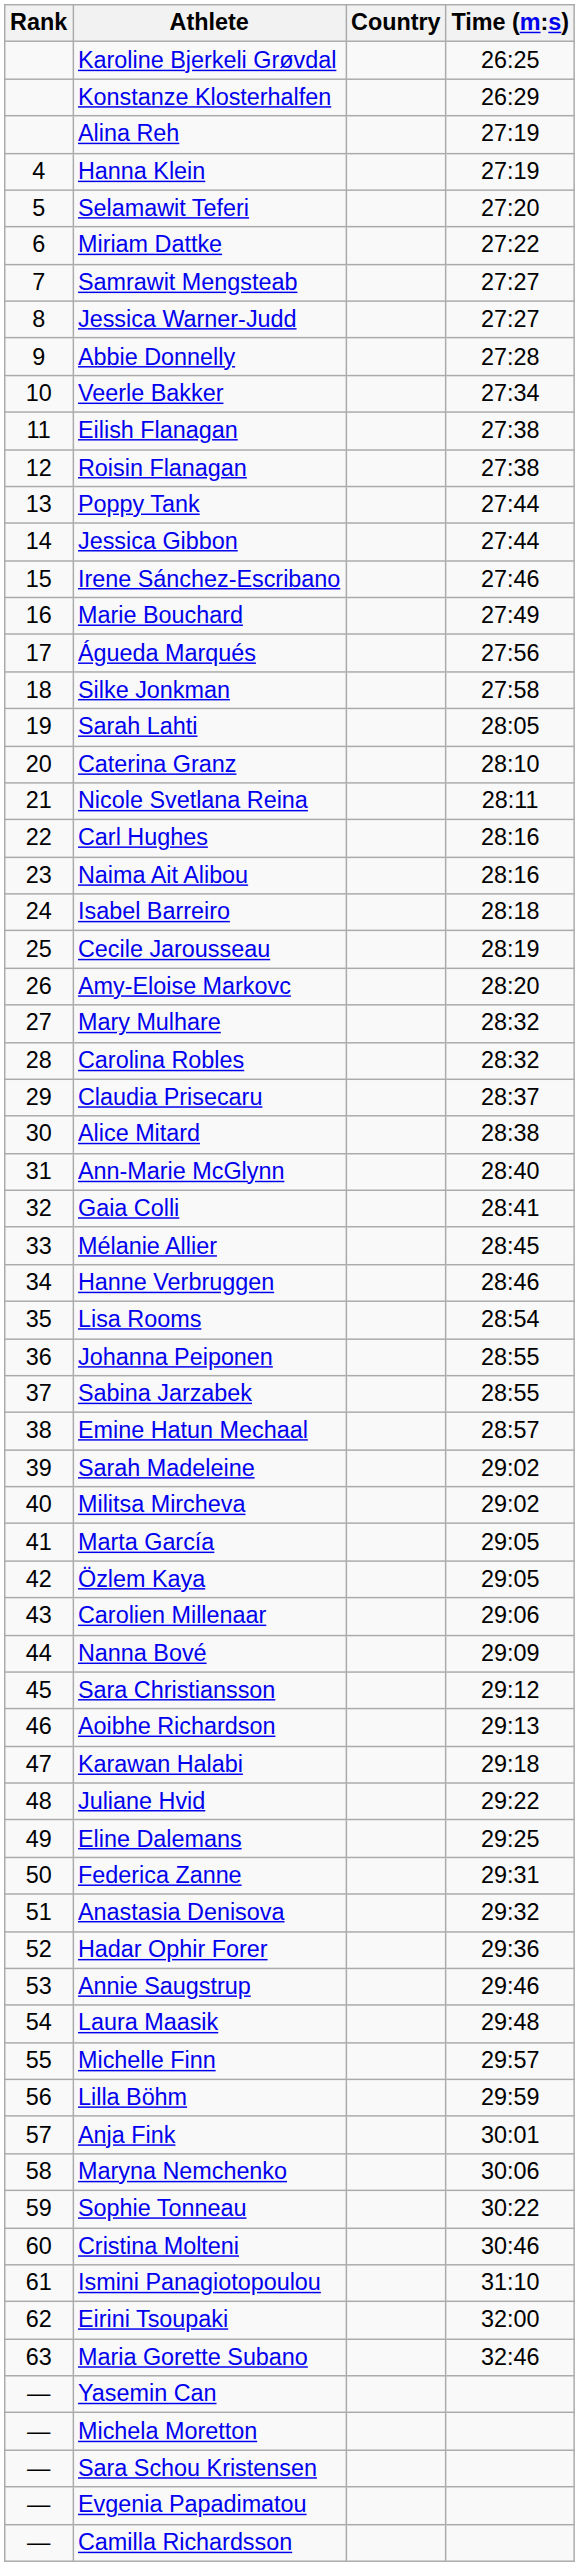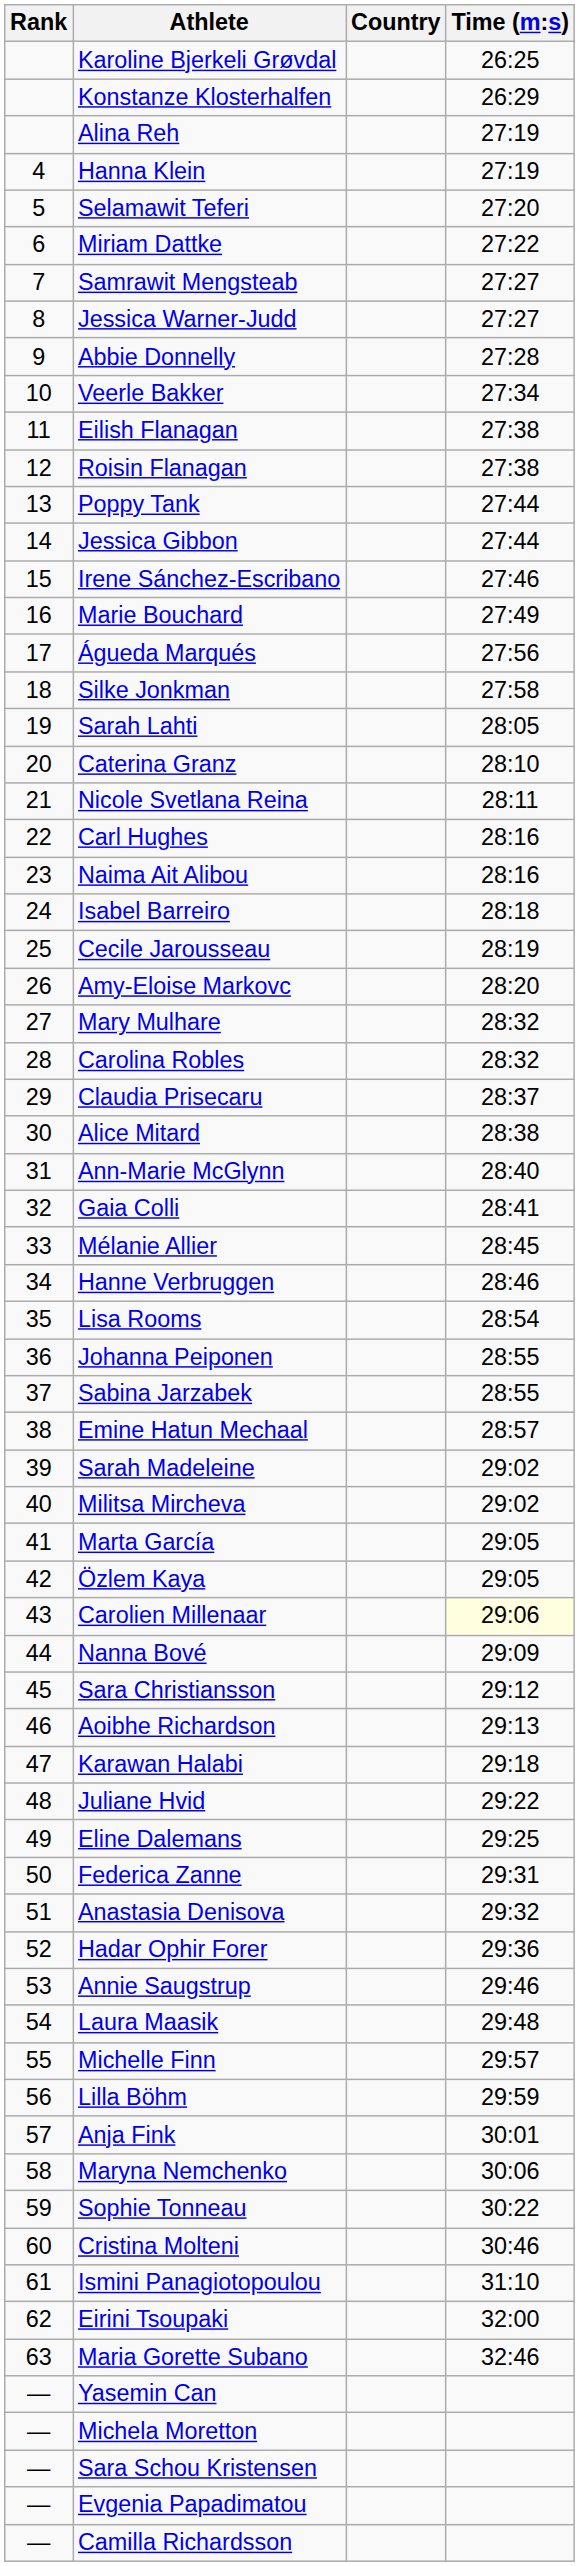 <table class="wikitable sortable" style="text-align:center">
 <tr>
 <th>Rank</th>
 <th>Athlete</th>
 <th>Country</th>
 <th>Time (<a href='#'>m</a>:<a href='#'>s</a>)</th>
 </tr>
 <tr>
 <td></td>
 <td align=left><a href='#'>Karoline Bjerkeli Grøvdal</a></td>
 <td align=left></td>
 <td>26:25</td>
 </tr>
 <tr>
 <td></td>
 <td align=left><a href='#'>Konstanze Klosterhalfen</a></td>
 <td align=left></td>
 <td>26:29</td>
 </tr>
 <tr>
 <td></td>
 <td align=left><a href='#'>Alina Reh</a></td>
 <td align=left></td>
 <td>27:19</td>
 </tr>
 <tr>
 <td>4</td>
 <td align=left><a href='#'>Hanna Klein</a></td>
 <td align=left></td>
 <td>27:19</td>
 </tr>
 <tr>
 <td>5</td>
 <td align=left><a href='#'>Selamawit Teferi</a></td>
 <td align=left></td>
 <td>27:20</td>
 </tr>
 <tr>
 <td>6</td>
 <td align=left><a href='#'>Miriam Dattke</a></td>
 <td align=left></td>
 <td>27:22</td>
 </tr>
 <tr>
 <td>7</td>
 <td align=left><a href='#'>Samrawit Mengsteab</a></td>
 <td align=left></td>
 <td>27:27</td>
 </tr>
 <tr>
 <td>8</td>
 <td align=left><a href='#'>Jessica Warner-Judd</a></td>
 <td align=left></td>
 <td>27:27</td>
 </tr>
 <tr>
 <td>9</td>
 <td align=left><a href='#'>Abbie Donnelly</a></td>
 <td align=left></td>
 <td>27:28</td>
 </tr>
 <tr>
 <td>10</td>
 <td align=left><a href='#'>Veerle Bakker</a></td>
 <td align=left></td>
 <td>27:34</td>
 </tr>
 <tr>
 <td>11</td>
 <td align=left><a href='#'>Eilish Flanagan</a></td>
 <td align=left></td>
 <td>27:38</td>
 </tr>
 <tr>
 <td>12</td>
 <td align=left><a href='#'>Roisin Flanagan</a></td>
 <td align=left></td>
 <td>27:38</td>
 </tr>
 <tr>
 <td>13</td>
 <td align=left><a href='#'>Poppy Tank</a></td>
 <td align=left></td>
 <td>27:44</td>
 </tr>
 <tr>
 <td>14</td>
 <td align=left><a href='#'>Jessica Gibbon</a></td>
 <td align=left></td>
 <td>27:44</td>
 </tr>
 <tr>
 <td>15</td>
 <td align=left><a href='#'>Irene Sánchez-Escribano</a></td>
 <td align=left></td>
 <td>27:46</td>
 </tr>
 <tr>
 <td>16</td>
 <td align=left><a href='#'>Marie Bouchard</a></td>
 <td align=left></td>
 <td>27:49</td>
 </tr>
 <tr>
 <td>17</td>
 <td align=left><a href='#'>Águeda Marqués</a></td>
 <td align=left></td>
 <td>27:56</td>
 </tr>
 <tr>
 <td>18</td>
 <td align=left><a href='#'>Silke Jonkman</a></td>
 <td align=left></td>
 <td>27:58</td>
 </tr>
 <tr>
 <td>19</td>
 <td align=left><a href='#'>Sarah Lahti</a></td>
 <td align=left></td>
 <td>28:05</td>
 </tr>
 <tr>
 <td>20</td>
 <td align=left><a href='#'>Caterina Granz</a></td>
 <td align=left></td>
 <td>28:10</td>
 </tr>
 <tr>
 <td>21</td>
 <td align=left><a href='#'>Nicole Svetlana Reina</a></td>
 <td align=left></td>
 <td>28:11</td>
 </tr>
 <tr>
 <td>22</td>
 <td align=left><a href='#'>Carl Hughes</a></td>
 <td align=left></td>
 <td>28:16</td>
 </tr>
 <tr>
 <td>23</td>
 <td align=left><a href='#'>Naima Ait Alibou</a></td>
 <td align=left></td>
 <td>28:16</td>
 </tr>
 <tr>
 <td>24</td>
 <td align=left><a href='#'>Isabel Barreiro</a></td>
 <td align=left></td>
 <td>28:18</td>
 </tr>
 <tr>
 <td>25</td>
 <td align=left><a href='#'>Cecile Jarousseau</a></td>
 <td align=left></td>
 <td>28:19</td>
 </tr>
 <tr>
 <td>26</td>
 <td align=left><a href='#'>Amy-Eloise Markovc</a></td>
 <td align=left></td>
 <td>28:20</td>
 </tr>
 <tr>
 <td>27</td>
 <td align=left><a href='#'>Mary Mulhare</a></td>
 <td align=left></td>
 <td>28:32</td>
 </tr>
 <tr>
 <td>28</td>
 <td align=left><a href='#'>Carolina Robles</a></td>
 <td align=left></td>
 <td>28:32</td>
 </tr>
 <tr>
 <td>29</td>
 <td align=left><a href='#'>Claudia Prisecaru</a></td>
 <td align=left></td>
 <td>28:37</td>
 </tr>
 <tr>
 <td>30</td>
 <td align=left><a href='#'>Alice Mitard</a></td>
 <td align=left></td>
 <td>28:38</td>
 </tr>
 <tr>
 <td>31</td>
 <td align=left><a href='#'>Ann-Marie McGlynn</a></td>
 <td align=left></td>
 <td>28:40</td>
 </tr>
 <tr>
 <td>32</td>
 <td align=left><a href='#'>Gaia Colli</a></td>
 <td align=left></td>
 <td>28:41</td>
 </tr>
 <tr>
 <td>33</td>
 <td align=left><a href='#'>Mélanie Allier</a></td>
 <td align=left></td>
 <td>28:45</td>
 </tr>
 <tr>
 <td>34</td>
 <td align=left><a href='#'>Hanne Verbruggen</a></td>
 <td align=left></td>
 <td>28:46</td>
 </tr>
 <tr>
 <td>35</td>
 <td align=left><a href='#'>Lisa Rooms</a></td>
 <td align=left></td>
 <td>28:54</td>
 </tr>
 <tr>
 <td>36</td>
 <td align=left><a href='#'>Johanna Peiponen</a></td>
 <td align=left></td>
 <td>28:55</td>
 </tr>
 <tr>
 <td>37</td>
 <td align=left><a href='#'>Sabina Jarzabek</a></td>
 <td align=left></td>
 <td>28:55</td>
 </tr>
 <tr>
 <td>38</td>
 <td align=left><a href='#'>Emine Hatun Mechaal</a></td>
 <td align=left></td>
 <td>28:57</td>
 </tr>
 <tr>
 <td>39</td>
 <td align=left><a href='#'>Sarah Madeleine</a></td>
 <td align=left></td>
 <td>29:02</td>
 </tr>
 <tr>
 <td>40</td>
 <td align=left><a href='#'>Militsa Mircheva</a></td>
 <td align=left></td>
 <td>29:02</td>
 </tr>
 <tr>
 <td>41</td>
 <td align=left><a href='#'>Marta García</a></td>
 <td align=left></td>
 <td>29:05</td>
 </tr>
 <tr>
 <td>42</td>
 <td align=left><a href='#'>Özlem Kaya</a></td>
 <td align=left></td>
 <td>29:05</td>
 </tr>
 <tr>
 <td>43</td>
 <td align=left><a href='#'>Carolien Millenaar</a></td>
 <td align=left></td>
-<td>29:06</td>
+<td style="background: lightyellow;">29:06</td>
 </tr>
 <tr>
 <td>44</td>
 <td align=left><a href='#'>Nanna Bové</a></td>
 <td align=left></td>
 <td>29:09</td>
 </tr>
 <tr>
 <td>45</td>
 <td align=left><a href='#'>Sara Christiansson</a></td>
 <td align=left></td>
 <td>29:12</td>
 </tr>
 <tr>
 <td>46</td>
 <td align=left><a href='#'>Aoibhe Richardson</a></td>
 <td align=left></td>
 <td>29:13</td>
 </tr>
 <tr>
 <td>47</td>
 <td align=left><a href='#'>Karawan Halabi</a></td>
 <td align=left></td>
 <td>29:18</td>
 </tr>
 <tr>
 <td>48</td>
 <td align=left><a href='#'>Juliane Hvid</a></td>
 <td align=left></td>
 <td>29:22</td>
 </tr>
 <tr>
 <td>49</td>
 <td align=left><a href='#'>Eline Dalemans</a></td>
 <td align=left></td>
 <td>29:25</td>
 </tr>
 <tr>
 <td>50</td>
 <td align=left><a href='#'>Federica Zanne</a></td>
 <td align=left></td>
 <td>29:31</td>
 </tr>
 <tr>
 <td>51</td>
 <td align=left><a href='#'>Anastasia Denisova</a></td>
 <td align=left></td>
 <td>29:32</td>
 </tr>
 <tr>
 <td>52</td>
 <td align=left><a href='#'>Hadar Ophir Forer</a></td>
 <td align=left></td>
 <td>29:36</td>
 </tr>
 <tr>
 <td>53</td>
 <td align=left><a href='#'>Annie Saugstrup</a></td>
 <td align=left></td>
 <td>29:46</td>
 </tr>
 <tr>
 <td>54</td>
 <td align=left><a href='#'>Laura Maasik</a></td>
 <td align=left></td>
 <td>29:48</td>
 </tr>
 <tr>
 <td>55</td>
 <td align=left><a href='#'>Michelle Finn</a></td>
 <td align=left></td>
 <td>29:57</td>
 </tr>
 <tr>
 <td>56</td>
 <td align=left><a href='#'>Lilla Böhm</a></td>
 <td align=left></td>
 <td>29:59</td>
 </tr>
 <tr>
 <td>57</td>
 <td align=left><a href='#'>Anja Fink</a></td>
 <td align=left></td>
 <td>30:01</td>
 </tr>
 <tr>
 <td>58</td>
 <td align=left><a href='#'>Maryna Nemchenko</a></td>
 <td align=left></td>
 <td>30:06</td>
 </tr>
 <tr>
 <td>59</td>
 <td align=left><a href='#'>Sophie Tonneau</a></td>
 <td align=left></td>
 <td>30:22</td>
 </tr>
 <tr>
 <td>60</td>
 <td align=left><a href='#'>Cristina Molteni</a></td>
 <td align=left></td>
 <td>30:46</td>
 </tr>
 <tr>
 <td>61</td>
 <td align=left><a href='#'>Ismini Panagiotopoulou</a></td>
 <td align=left></td>
 <td>31:10</td>
 </tr>
 <tr>
 <td>62</td>
 <td align=left><a href='#'>Eirini Tsoupaki</a></td>
 <td align=left></td>
 <td>32:00</td>
 </tr>
 <tr>
 <td>63</td>
 <td align=left><a href='#'>Maria Gorette Subano</a></td>
 <td align=left></td>
 <td>32:46</td>
 </tr>
 <tr>
 <td>—</td>
 <td align=left><a href='#'>Yasemin Can</a></td>
 <td align=left></td>
 <td></td>
 </tr>
 <tr>
 <td>—</td>
 <td align=left><a href='#'>Michela Moretton</a></td>
 <td align=left></td>
 <td></td>
 </tr>
 <tr>
 <td>—</td>
 <td align=left><a href='#'>Sara Schou Kristensen</a></td>
 <td align=left></td>
 <td></td>
 </tr>
 <tr>
 <td>—</td>
 <td align=left><a href='#'>Evgenia Papadimatou</a></td>
 <td align=left></td>
 <td></td>
 </tr>
 <tr>
 <td>—</td>
 <td align=left><a href='#'>Camilla Richardsson</a></td>
 <td align=left></td>
 <td></td>
 </tr>
 </table>
